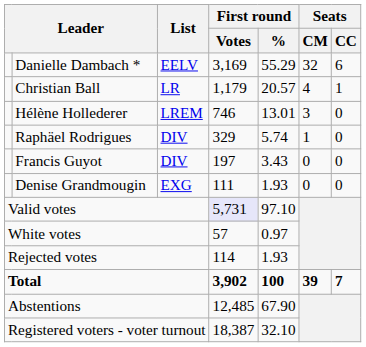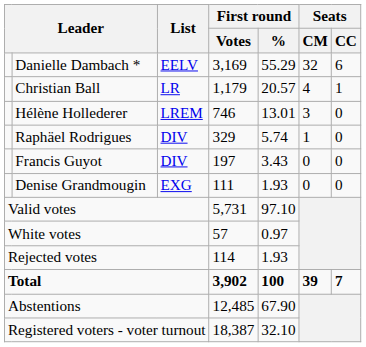 <table class="wikitable">
 <tr>
 <th colspan="2" rowspan="2">Leader</th>
 <th rowspan="2">List</th>
 <th colspan="2">First round</th>
 <th colspan="2">Seats</th>
 </tr>
 <tr>
 <th>Votes</th>
 <th>%</th>
 <th>CM</th>
 <th>CC</th>
 </tr>
 <tr>
 <td bgcolor=></td>
 <td>Danielle Dambach *</td>
 <td><a href='#'>EELV</a></td>
 <td>3,169</td>
 <td>55.29</td>
 <td>32</td>
 <td>6</td>
 </tr>
 <tr>
 <td bgcolor=></td>
 <td>Christian Ball</td>
 <td><a href='#'>LR</a></td>
 <td>1,179</td>
 <td>20.57</td>
 <td>4</td>
 <td>1</td>
 </tr>
 <tr>
 <td bgcolor=></td>
 <td>Hélène Hollederer</td>
 <td><a href='#'>LREM</a></td>
 <td>746</td>
 <td>13.01</td>
 <td>3</td>
 <td>0</td>
 </tr>
 <tr>
 <td bgcolor=></td>
 <td>Raphäel Rodrigues</td>
 <td><a href='#'>DIV</a></td>
 <td>329</td>
 <td>5.74</td>
 <td>1</td>
 <td>0</td>
 </tr>
 <tr>
 <td bgcolor=></td>
 <td>Francis Guyot</td>
 <td><a href='#'>DIV</a></td>
 <td>197</td>
 <td>3.43</td>
 <td>0</td>
 <td>0</td>
 </tr>
 <tr>
 <td bgcolor=></td>
 <td>Denise Grandmougin</td>
 <td><a href='#'>EXG</a></td>
 <td>111</td>
 <td>1.93</td>
 <td>0</td>
 <td>0</td>
 </tr>
 <tr>
 <td colspan="3">Valid votes</td>
-<td style="background: lavender;">5,731</td>
+<td>5,731</td>
 <td>97.10</td>
 <th colspan="2" rowspan="3"></th>
 </tr>
 <tr>
 <td colspan="3">White votes</td>
 <td>57</td>
 <td>0.97</td>
 </tr>
 <tr>
 <td colspan="3">Rejected votes</td>
 <td>114</td>
 <td>1.93</td>
 </tr>
 <tr>
 <td colspan="3"><strong>Total</strong></td>
 <td><strong>3,902</strong></td>
 <td><strong>100</strong></td>
 <td><strong>39</strong></td>
 <td><strong>7</strong></td>
 </tr>
 <tr>
 <td colspan="3">Abstentions</td>
 <td>12,485</td>
 <td>67.90</td>
 <th colspan="2" rowspan="2"></th>
 </tr>
 <tr>
 <td colspan="3">Registered voters - voter turnout</td>
 <td>18,387</td>
 <td>32.10</td>
 </tr>
 </table>
